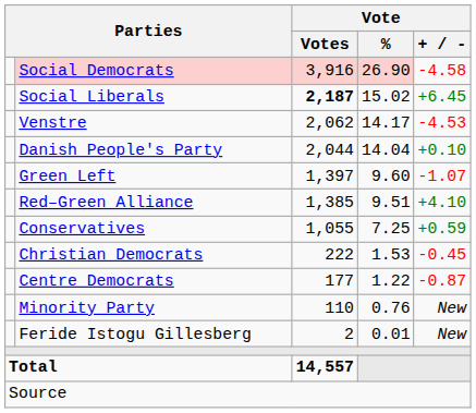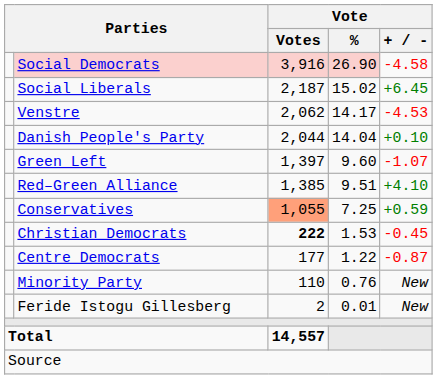 <table class="wikitable" style="text-align:right;">
 <tr>
 <th style="text-align:centre;" rowspan="2" colspan="2" width="225">Parties</th>
 <th colspan="3">Vote</th>
 </tr>
 <tr>
 <th width="15">Votes</th>
 <th width="15">%</th>
 <th width="15">+ / -</th>
 </tr>
 <tr>
 <td width="2" style="color:inherit;background:"></td>
 <td bgcolor=#fbd0ce  align="left"><a href='#'>Social Democrats</a></td>
 <td bgcolor=#fbd0ce>3,916</td>
 <td bgcolor=#fbd0ce>26.90</td>
 <td style=color:red;>-4.58</td>
 </tr>
 <tr>
 <td width="2" style="color:inherit;background:"></td>
 <td align="left"><a href='#'>Social Liberals</a></td>
-<td><strong>2,187</strong></td>
+<td>2,187</td>
 <td>15.02</td>
 <td style=color:green;>+6.45</td>
 </tr>
 <tr>
 <td width="2" style="color:inherit;background:"></td>
 <td align="left"><a href='#'>Venstre</a></td>
 <td>2,062</td>
 <td>14.17</td>
 <td style=color:red;>-4.53</td>
 </tr>
 <tr>
 <td width="2" style="color:inherit;background:"></td>
 <td align="left"><a href='#'>Danish People's Party</a></td>
 <td>2,044</td>
 <td>14.04</td>
 <td style=color:green;>+0.10</td>
 </tr>
 <tr>
 <td width="2" style="color:inherit;background:"></td>
 <td align="left"><a href='#'>Green Left</a></td>
 <td>1,397</td>
 <td>9.60</td>
 <td style=color:red;>-1.07</td>
 </tr>
 <tr>
 <td width="2" style="color:inherit;background:"></td>
 <td align="left"><a href='#'>Red–Green Alliance</a></td>
 <td>1,385</td>
 <td>9.51</td>
 <td style=color:green;>+4.10</td>
 </tr>
 <tr>
 <td width="2" style="color:inherit;background:"></td>
 <td align="left"><a href='#'>Conservatives</a></td>
-<td>1,055</td>
+<td style="background: lightsalmon;">1,055</td>
 <td>7.25</td>
 <td style=color:green;>+0.59</td>
 </tr>
 <tr>
 <td width="2" style="color:inherit;background:"></td>
 <td align="left"><a href='#'>Christian Democrats</a></td>
-<td>222</td>
+<td><strong>222</strong></td>
 <td>1.53</td>
 <td style=color:red;>-0.45</td>
 </tr>
 <tr>
 <td width="2" style="color:inherit;background:"></td>
 <td align="left"><a href='#'>Centre Democrats</a></td>
 <td>177</td>
 <td>1.22</td>
 <td style=color:red;>-0.87</td>
 </tr>
 <tr>
 <td width="2" style="color:inherit;background:"></td>
 <td align="left"><a href='#'>Minority Party</a></td>
 <td>110</td>
 <td>0.76</td>
 <td><em>New</em></td>
 </tr>
 <tr>
 <td width="2" style="color:inherit;background:"></td>
 <td align="left">Feride Istogu Gillesberg</td>
 <td>2</td>
 <td>0.01</td>
 <td><em>New</em></td>
 </tr>
 <tr>
 <td colspan="7" bgcolor="#E9E9E9"></td>
 </tr>
 <tr>
 <td align="left" colspan="2"><strong>Total</strong></td>
 <td><strong>14,557</strong></td>
 <td bgcolor="#E9E9E9" colspan="2"></td>
 </tr>
 <tr>
 <td align="left" colspan="6">Source</td>
 </tr>
 </table>
